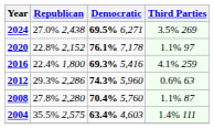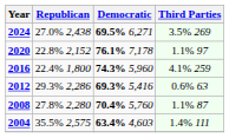 <table class="wikitable" style="float:right; font-size:95%;">
 <tr bgcolor=lightgrey>
 <th>Year</th>
 <th><a href='#'>Republican</a></th>
 <th><a href='#'>Democratic</a></th>
 <th><a href='#'>Third Parties</a></th>
 </tr>
 <tr>
 <td style="text-align:center; "><strong><a href='#'>2024</a></strong></td>
 <td style="text-align:center; ">27.0% <em>2,438</em></td>
 <td style="text-align:center; "><strong>69.5%</strong>  <em>6,271</em></td>
 <td style="text-align:center; background:honeyDew;">3.5% <em>269</em></td>
 </tr>
 <tr>
 <td style="text-align:center; "><strong><a href='#'>2020</a></strong></td>
 <td style="text-align:center; ">22.8% <em>2,152</em></td>
 <td style="text-align:center; "><strong>76.1%</strong>  <em>7,178</em></td>
 <td style="text-align:center; background:honeyDew;">1.1% <em>97</em></td>
 </tr>
 <tr>
 <td style="text-align:center; "><strong><a href='#'>2016</a></strong></td>
 <td style="text-align:center; ">22.4% <em>1,800</em></td>
-<td style="text-align:center; "><strong>69.3%</strong>  <em>5,416</em></td>
+<td style="text-align:center; "><strong>74.3%</strong>  <em>5,960</em></td>
 <td style="text-align:center; background:honeyDew;">4.1% <em>259</em></td>
 </tr>
 <tr>
 <td style="text-align:center; "><strong><a href='#'>2012</a></strong></td>
 <td style="text-align:center; ">29.3% <em>2,286</em></td>
-<td style="text-align:center; "><strong>74.3%</strong>  <em>5,960</em></td>
+<td style="text-align:center; "><strong>69.3%</strong>  <em>5,416</em></td>
 <td style="text-align:center; background:honeyDew;">0.6% <em>63</em></td>
 </tr>
 <tr>
 <td style="text-align:center; "><strong><a href='#'>2008</a></strong></td>
 <td style="text-align:center; ">27.8% <em>2,280</em></td>
 <td style="text-align:center; "><strong>70.4%</strong>  <em>5,760</em></td>
 <td style="text-align:center; background:honeyDew;">1.1% <em>87</em></td>
 </tr>
 <tr>
 <td style="text-align:center; "><strong><a href='#'>2004</a></strong></td>
 <td style="text-align:center; ">35.5% <em>2,575</em></td>
 <td style="text-align:center; "><strong>63.4%</strong>  <em>4,603</em></td>
 <td style="text-align:center; background:honeyDew;">1.4% <em>111</em></td>
 </tr>
 <tr>
 </tr>
 </table>
